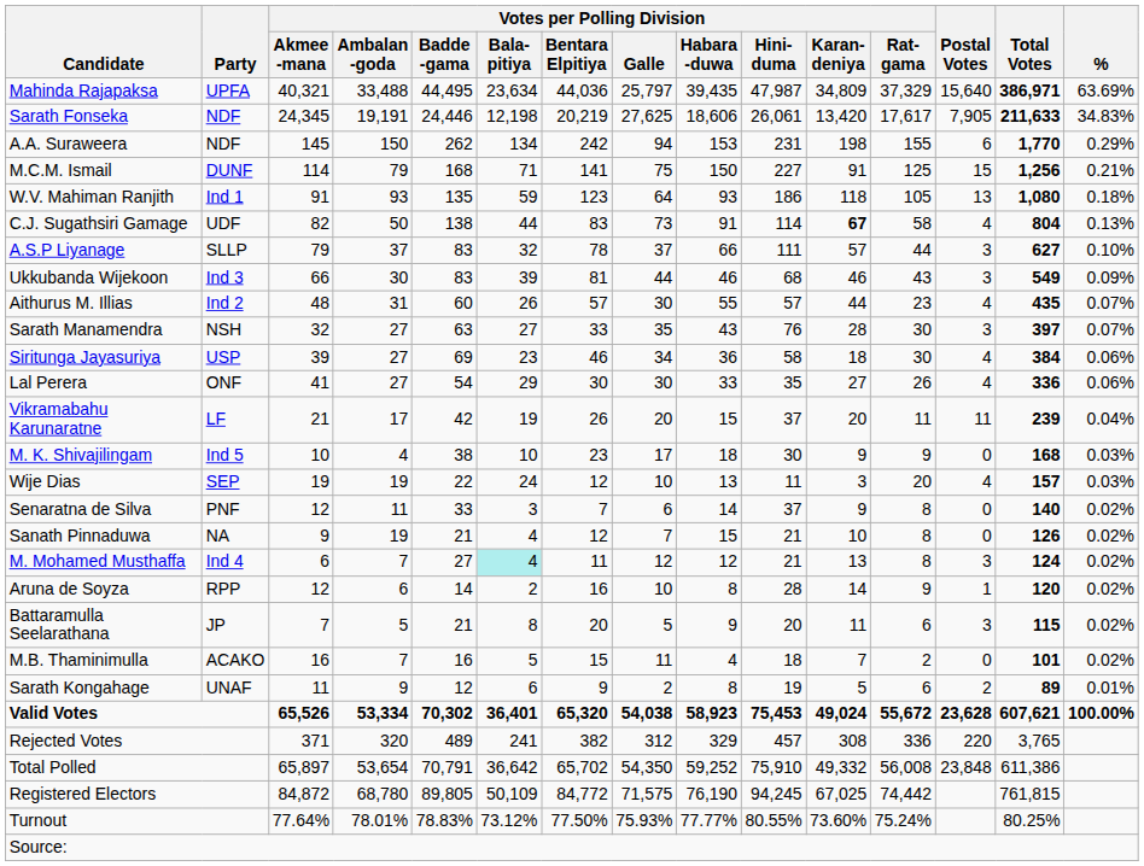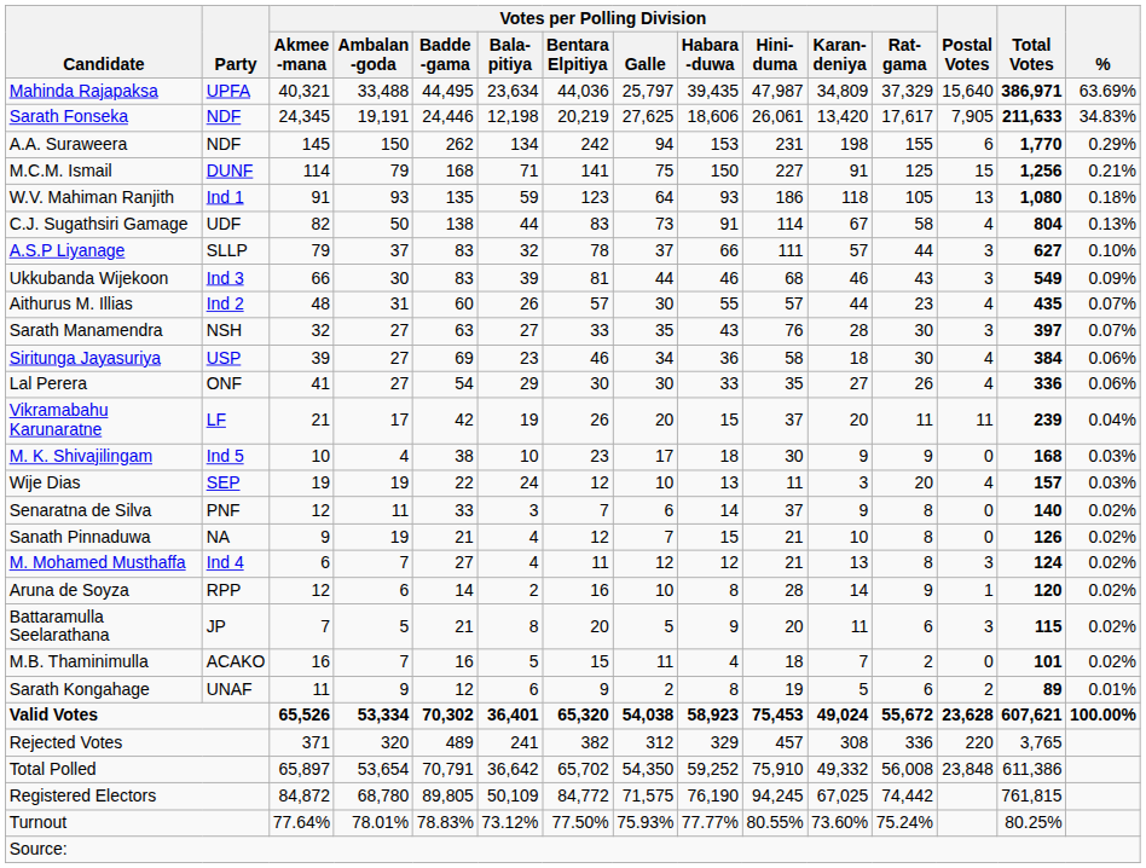 <table class="wikitable" border="1" style="text-align:right;">
 <tr>
 <th rowspan="2" align="left" valign="bottom" width="180">Candidate</th>
 <th rowspan="2" align="left" valign="bottom" width="40">Party</th>
 <th colspan="10">Votes per Polling Division</th>
 <th rowspan="2" align="center" valign="bottom" width="50">Postal<br>Votes</th>
 <th rowspan="2" align="center" valign="bottom" width="50">Total Votes</th>
 <th rowspan="2" align="center" valign="bottom" width="50">%</th>
 </tr>
 <tr>
 <th align="center" valign="bottom" width="50">Akmee<br>-mana</th>
 <th align="center" valign="bottom" width="50">Ambalan<br>-goda</th>
 <th align="center" valign="bottom" width="50">Badde<br>-gama</th>
 <th align="center" valign="bottom" width="50">Bala-<br>pitiya</th>
 <th align="center" valign="bottom" width="50">Bentara<br>Elpitiya</th>
 <th align="center" valign="bottom" width="50">Galle</th>
 <th align="center" valign="bottom" width="50">Habara<br>-duwa</th>
 <th align="center" valign="bottom" width="50">Hini-<br>duma</th>
 <th align="center" valign="bottom" width="50">Karan-<br>deniya</th>
 <th align="center" valign="bottom" width="50">Rat-<br>gama</th>
 </tr>
 <tr>
 <td align="left"><a href='#'>Mahinda Rajapaksa</a></td>
 <td align="left"><a href='#'>UPFA</a></td>
 <td>40,321</td>
 <td>33,488</td>
 <td>44,495</td>
 <td>23,634</td>
 <td>44,036</td>
 <td>25,797</td>
 <td>39,435</td>
 <td>47,987</td>
 <td>34,809</td>
 <td>37,329</td>
 <td>15,640</td>
 <td><strong>386,971</strong></td>
 <td>63.69%</td>
 </tr>
 <tr>
 <td align="left"><a href='#'>Sarath Fonseka</a></td>
 <td align="left"><a href='#'>NDF</a></td>
 <td>24,345</td>
 <td>19,191</td>
 <td>24,446</td>
 <td>12,198</td>
 <td>20,219</td>
 <td>27,625</td>
 <td>18,606</td>
 <td>26,061</td>
 <td>13,420</td>
 <td>17,617</td>
 <td>7,905</td>
 <td><strong>211,633</strong></td>
 <td>34.83%</td>
 </tr>
 <tr>
 <td align="left">A.A. Suraweera</td>
 <td align="left">NDF</td>
 <td>145</td>
 <td>150</td>
 <td>262</td>
 <td>134</td>
 <td>242</td>
 <td>94</td>
 <td>153</td>
 <td>231</td>
 <td>198</td>
 <td>155</td>
 <td>6</td>
 <td><strong>1,770</strong></td>
 <td>0.29%</td>
 </tr>
 <tr>
 <td align="left">M.C.M. Ismail</td>
 <td align="left"><a href='#'>DUNF</a></td>
 <td>114</td>
 <td>79</td>
 <td>168</td>
 <td>71</td>
 <td>141</td>
 <td>75</td>
 <td>150</td>
 <td>227</td>
 <td>91</td>
 <td>125</td>
 <td>15</td>
 <td><strong>1,256</strong></td>
 <td>0.21%</td>
 </tr>
 <tr>
 <td align="left">W.V. Mahiman Ranjith</td>
 <td align="left"><a href='#'>Ind 1</a></td>
 <td>91</td>
 <td>93</td>
 <td>135</td>
 <td>59</td>
 <td>123</td>
 <td>64</td>
 <td>93</td>
 <td>186</td>
 <td>118</td>
 <td>105</td>
 <td>13</td>
 <td><strong>1,080</strong></td>
 <td>0.18%</td>
 </tr>
 <tr>
 <td align="left">C.J. Sugathsiri Gamage</td>
 <td align="left">UDF</td>
 <td>82</td>
 <td>50</td>
 <td>138</td>
 <td>44</td>
 <td>83</td>
 <td>73</td>
 <td>91</td>
 <td>114</td>
-<td><strong>67</strong></td>
+<td>67</td>
 <td>58</td>
 <td>4</td>
 <td><strong>804</strong></td>
 <td>0.13%</td>
 </tr>
 <tr>
 <td align="left"><a href='#'>A.S.P Liyanage</a></td>
 <td align="left">SLLP</td>
 <td>79</td>
 <td>37</td>
 <td>83</td>
 <td>32</td>
 <td>78</td>
 <td>37</td>
 <td>66</td>
 <td>111</td>
 <td>57</td>
 <td>44</td>
 <td>3</td>
 <td><strong>627</strong></td>
 <td>0.10%</td>
 </tr>
 <tr>
 <td align="left">Ukkubanda Wijekoon</td>
 <td align="left"><a href='#'>Ind 3</a></td>
 <td>66</td>
 <td>30</td>
 <td>83</td>
 <td>39</td>
 <td>81</td>
 <td>44</td>
 <td>46</td>
 <td>68</td>
 <td>46</td>
 <td>43</td>
 <td>3</td>
 <td><strong>549</strong></td>
 <td>0.09%</td>
 </tr>
 <tr>
 <td align="left">Aithurus M. Illias</td>
 <td align="left"><a href='#'>Ind 2</a></td>
 <td>48</td>
 <td>31</td>
 <td>60</td>
 <td>26</td>
 <td>57</td>
 <td>30</td>
 <td>55</td>
 <td>57</td>
 <td>44</td>
 <td>23</td>
 <td>4</td>
 <td><strong>435</strong></td>
 <td>0.07%</td>
 </tr>
 <tr>
 <td align="left">Sarath Manamendra</td>
 <td align="left">NSH</td>
 <td>32</td>
 <td>27</td>
 <td>63</td>
 <td>27</td>
 <td>33</td>
 <td>35</td>
 <td>43</td>
 <td>76</td>
 <td>28</td>
 <td>30</td>
 <td>3</td>
 <td><strong>397</strong></td>
 <td>0.07%</td>
 </tr>
 <tr>
 <td align="left"><a href='#'>Siritunga Jayasuriya</a></td>
 <td align="left"><a href='#'>USP</a></td>
 <td>39</td>
 <td>27</td>
 <td>69</td>
 <td>23</td>
 <td>46</td>
 <td>34</td>
 <td>36</td>
 <td>58</td>
 <td>18</td>
 <td>30</td>
 <td>4</td>
 <td><strong>384</strong></td>
 <td>0.06%</td>
 </tr>
 <tr>
 <td align="left">Lal Perera</td>
 <td align="left">ONF</td>
 <td>41</td>
 <td>27</td>
 <td>54</td>
 <td>29</td>
 <td>30</td>
 <td>30</td>
 <td>33</td>
 <td>35</td>
 <td>27</td>
 <td>26</td>
 <td>4</td>
 <td><strong>336</strong></td>
 <td>0.06%</td>
 </tr>
 <tr>
 <td align="left"><a href='#'>Vikramabahu Karunaratne</a></td>
 <td align="left"><a href='#'>LF</a></td>
 <td>21</td>
 <td>17</td>
 <td>42</td>
 <td>19</td>
 <td>26</td>
 <td>20</td>
 <td>15</td>
 <td>37</td>
 <td>20</td>
 <td>11</td>
 <td>11</td>
 <td><strong>239</strong></td>
 <td>0.04%</td>
 </tr>
 <tr>
 <td align="left"><a href='#'>M. K. Shivajilingam</a></td>
 <td align="left"><a href='#'>Ind 5</a></td>
 <td>10</td>
 <td>4</td>
 <td>38</td>
 <td>10</td>
 <td>23</td>
 <td>17</td>
 <td>18</td>
 <td>30</td>
 <td>9</td>
 <td>9</td>
 <td>0</td>
 <td><strong>168</strong></td>
 <td>0.03%</td>
 </tr>
 <tr>
 <td align="left">Wije Dias</td>
 <td align="left"><a href='#'>SEP</a></td>
 <td>19</td>
 <td>19</td>
 <td>22</td>
 <td>24</td>
 <td>12</td>
 <td>10</td>
 <td>13</td>
 <td>11</td>
 <td>3</td>
 <td>20</td>
 <td>4</td>
 <td><strong>157</strong></td>
 <td>0.03%</td>
 </tr>
 <tr>
 <td align="left">Senaratna de Silva</td>
 <td align="left">PNF</td>
 <td>12</td>
 <td>11</td>
 <td>33</td>
 <td>3</td>
 <td>7</td>
 <td>6</td>
 <td>14</td>
 <td>37</td>
 <td>9</td>
 <td>8</td>
 <td>0</td>
 <td><strong>140</strong></td>
 <td>0.02%</td>
 </tr>
 <tr>
 <td align="left">Sanath Pinnaduwa</td>
 <td align="left">NA</td>
 <td>9</td>
 <td>19</td>
 <td>21</td>
 <td>4</td>
 <td>12</td>
 <td>7</td>
 <td>15</td>
 <td>21</td>
 <td>10</td>
 <td>8</td>
 <td>0</td>
 <td><strong>126</strong></td>
 <td>0.02%</td>
 </tr>
 <tr>
 <td align="left"><a href='#'>M. Mohamed Musthaffa</a></td>
 <td align="left"><a href='#'>Ind 4</a></td>
 <td>6</td>
 <td>7</td>
 <td>27</td>
-<td style="background: paleturquoise;">4</td>
+<td>4</td>
 <td>11</td>
 <td>12</td>
 <td>12</td>
 <td>21</td>
 <td>13</td>
 <td>8</td>
 <td>3</td>
 <td><strong>124</strong></td>
 <td>0.02%</td>
 </tr>
 <tr>
 <td align="left">Aruna de Soyza</td>
 <td align="left">RPP</td>
 <td>12</td>
 <td>6</td>
 <td>14</td>
 <td>2</td>
 <td>16</td>
 <td>10</td>
 <td>8</td>
 <td>28</td>
 <td>14</td>
 <td>9</td>
 <td>1</td>
 <td><strong>120</strong></td>
 <td>0.02%</td>
 </tr>
 <tr>
 <td align="left">Battaramulla Seelarathana</td>
 <td align="left">JP</td>
 <td>7</td>
 <td>5</td>
 <td>21</td>
 <td>8</td>
 <td>20</td>
 <td>5</td>
 <td>9</td>
 <td>20</td>
 <td>11</td>
 <td>6</td>
 <td>3</td>
 <td><strong>115</strong></td>
 <td>0.02%</td>
 </tr>
 <tr>
 <td align="left">M.B. Thaminimulla</td>
 <td align="left">ACAKO</td>
 <td>16</td>
 <td>7</td>
 <td>16</td>
 <td>5</td>
 <td>15</td>
 <td>11</td>
 <td>4</td>
 <td>18</td>
 <td>7</td>
 <td>2</td>
 <td>0</td>
 <td><strong>101</strong></td>
 <td>0.02%</td>
 </tr>
 <tr>
 <td align="left">Sarath Kongahage</td>
 <td align="left">UNAF</td>
 <td>11</td>
 <td>9</td>
 <td>12</td>
 <td>6</td>
 <td>9</td>
 <td>2</td>
 <td>8</td>
 <td>19</td>
 <td>5</td>
 <td>6</td>
 <td>2</td>
 <td><strong>89</strong></td>
 <td>0.01%</td>
 </tr>
 <tr>
 <td colspan="2" align="left"><strong>Valid Votes</strong></td>
 <td><strong>65,526</strong></td>
 <td><strong>53,334</strong></td>
 <td><strong>70,302</strong></td>
 <td><strong>36,401</strong></td>
 <td><strong>65,320</strong></td>
 <td><strong>54,038</strong></td>
 <td><strong>58,923</strong></td>
 <td><strong>75,453</strong></td>
 <td><strong>49,024</strong></td>
 <td><strong>55,672</strong></td>
 <td><strong>23,628</strong></td>
 <td><strong>607,621</strong></td>
 <td><strong>100.00%</strong></td>
 </tr>
 <tr>
 <td colspan="2" align="left">Rejected Votes</td>
 <td>371</td>
 <td>320</td>
 <td>489</td>
 <td>241</td>
 <td>382</td>
 <td>312</td>
 <td>329</td>
 <td>457</td>
 <td>308</td>
 <td>336</td>
 <td>220</td>
 <td>3,765</td>
 <td></td>
 </tr>
 <tr>
 <td colspan="2" align="left">Total Polled</td>
 <td>65,897</td>
 <td>53,654</td>
 <td>70,791</td>
 <td>36,642</td>
 <td>65,702</td>
 <td>54,350</td>
 <td>59,252</td>
 <td>75,910</td>
 <td>49,332</td>
 <td>56,008</td>
 <td>23,848</td>
 <td>611,386</td>
 <td></td>
 </tr>
 <tr>
 <td colspan="2" align="left">Registered Electors</td>
 <td>84,872</td>
 <td>68,780</td>
 <td>89,805</td>
 <td>50,109</td>
 <td>84,772</td>
 <td>71,575</td>
 <td>76,190</td>
 <td>94,245</td>
 <td>67,025</td>
 <td>74,442</td>
 <td></td>
 <td>761,815</td>
 <td></td>
 </tr>
 <tr>
 <td colspan="2" align="left">Turnout</td>
 <td>77.64%</td>
 <td>78.01%</td>
 <td>78.83%</td>
 <td>73.12%</td>
 <td>77.50%</td>
 <td>75.93%</td>
 <td>77.77%</td>
 <td>80.55%</td>
 <td>73.60%</td>
 <td>75.24%</td>
 <td></td>
 <td>80.25%</td>
 <td></td>
 </tr>
 <tr>
 <td colspan="15" align="left">Source:</td>
 </tr>
 </table>
